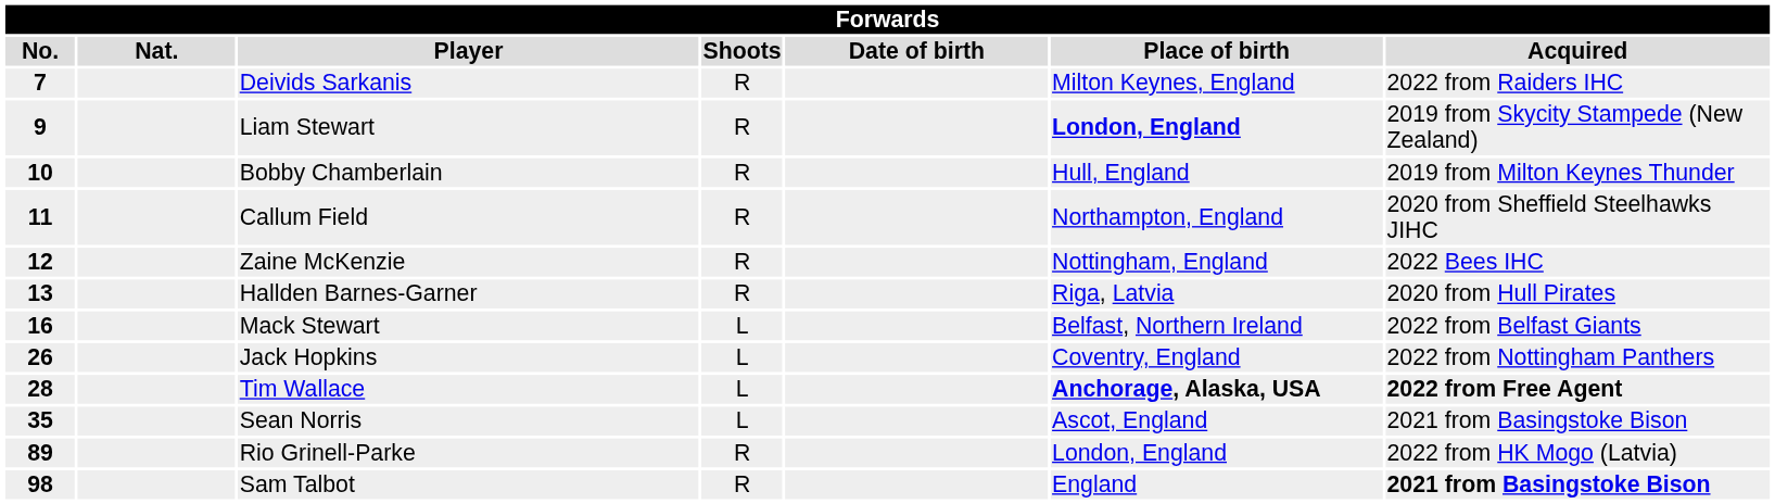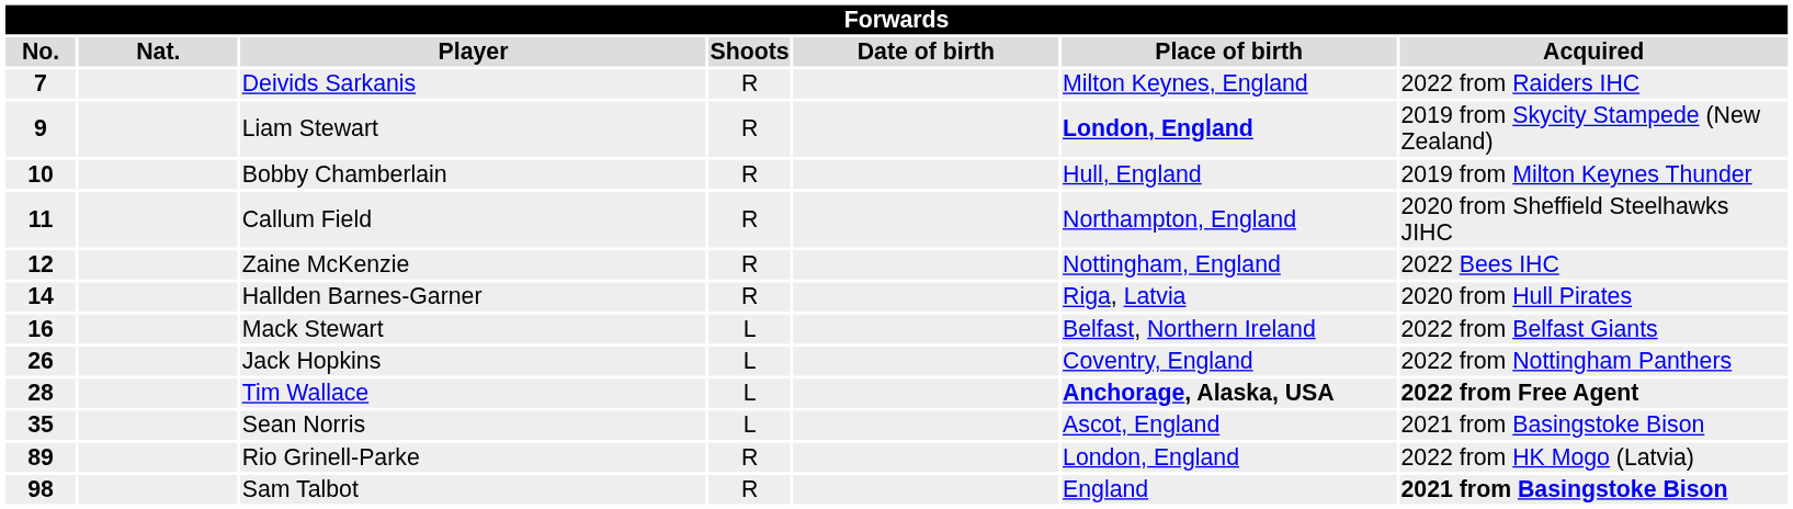 <table class="toccolours"  style="width:97%; clear:both; margin:1.5em auto; text-align:center;">
 <tr>
 <th colspan="11" style="background:#000000; color:#FFFFFF;">Forwards</th>
 </tr>
 <tr style="background:#ddd;">
 <th width=4%>No.</th>
 <th width=9%>Nat.</th>
 <th !width=17%>Player</th>
 <th width=4%>Shoots</th>
 <th width=15%>Date of birth</th>
 <th width=19%>Place of birth</th>
 <th width=22%>Acquired</th>
 </tr>
 <tr style="background:#eee;">
 <td><strong>7</strong></td>
 <td></td>
 <td align=left><a href='#'>Deivids Sarkanis</a></td>
 <td>R</td>
 <td align=left></td>
 <td align=left><a href='#'>Milton Keynes, England</a></td>
 <td align=left>2022 from <a href='#'>Raiders IHC</a></td>
 </tr>
 <tr style="background:#eee;">
 <td><strong>9</strong></td>
 <td></td>
 <td align=left>Liam Stewart</td>
 <td>R</td>
 <td align=left></td>
 <td align=left><strong><a href='#'>London, England</a></strong></td>
 <td align=left>2019 from <a href='#'>Skycity Stampede</a> (New Zealand)</td>
 </tr>
 <tr style="background:#eee;">
 <td><strong>10</strong></td>
 <td></td>
 <td align=left>Bobby Chamberlain</td>
 <td>R</td>
 <td align=left></td>
 <td align=left><a href='#'>Hull, England</a></td>
 <td align=left>2019 from <a href='#'>Milton Keynes Thunder</a></td>
 </tr>
 <tr style="background:#eee;">
 <td><strong>11</strong></td>
 <td></td>
 <td align=left>Callum Field</td>
 <td>R</td>
 <td align=left></td>
 <td align=left><a href='#'>Northampton, England</a></td>
 <td align=left>2020 from Sheffield Steelhawks JIHC</td>
 </tr>
 <tr style="background:#eee;">
 <td><strong>12</strong></td>
 <td></td>
 <td align=left>Zaine McKenzie</td>
 <td>R</td>
 <td align=left></td>
 <td align=left><a href='#'>Nottingham, England</a></td>
 <td align=left>2022 <a href='#'>Bees IHC</a></td>
 </tr>
 <tr style="background:#eee;">
-<td><strong>13</strong></td>
+<td><strong>14</strong></td>
 <td></td>
 <td align=left>Hallden Barnes-Garner</td>
 <td>R</td>
 <td align=left></td>
 <td align=left><a href='#'>Riga</a>, <a href='#'>Latvia</a></td>
 <td align=left>2020 from <a href='#'>Hull Pirates</a></td>
 </tr>
 <tr style="background:#eee;">
 <td><strong>16</strong></td>
 <td></td>
 <td align=left>Mack Stewart</td>
 <td>L</td>
 <td align=left></td>
 <td align=left><a href='#'>Belfast</a>, <a href='#'>Northern Ireland</a></td>
 <td align=left>2022 from <a href='#'>Belfast Giants</a></td>
 </tr>
 <tr style="background:#eee;">
 <td><strong>26</strong></td>
 <td></td>
 <td align=left>Jack Hopkins</td>
 <td>L</td>
 <td align=left></td>
 <td align=left><a href='#'>Coventry, England</a></td>
 <td align=left>2022 from <a href='#'>Nottingham Panthers</a></td>
 </tr>
 <tr style="background:#eee;">
 <td><strong>28</strong></td>
 <td></td>
 <td align=left><a href='#'>Tim Wallace</a></td>
 <td>L</td>
 <td align=left></td>
 <td align=left><strong><a href='#'>Anchorage</a>, Alaska, USA</strong></td>
 <td align=left><strong>2022 from Free Agent</strong></td>
 </tr>
 <tr style="background:#eee;">
 <td><strong>35</strong></td>
 <td></td>
 <td align=left>Sean Norris</td>
 <td>L</td>
 <td align=left></td>
 <td align=left><a href='#'>Ascot, England</a></td>
 <td align=left>2021 from <a href='#'>Basingstoke Bison</a></td>
 </tr>
 <tr style="background:#eee;”">
 <td><strong>89</strong></td>
 <td></td>
 <td align=left>Rio Grinell-Parke</td>
 <td>R</td>
 <td align=left></td>
 <td align=left><a href='#'>London, England</a></td>
 <td align=left>2022 from <a href='#'>HK Mogo</a> (Latvia)</td>
 </tr>
 <tr style="background:#eee;”">
 <td><strong>98</strong></td>
 <td></td>
 <td align=left>Sam Talbot</td>
 <td>R</td>
 <td align=left></td>
 <td align=left><a href='#'>England</a></td>
 <td align=left><strong>2021 from <a href='#'>Basingstoke Bison</a></strong></td>
 </tr>
 </table>
